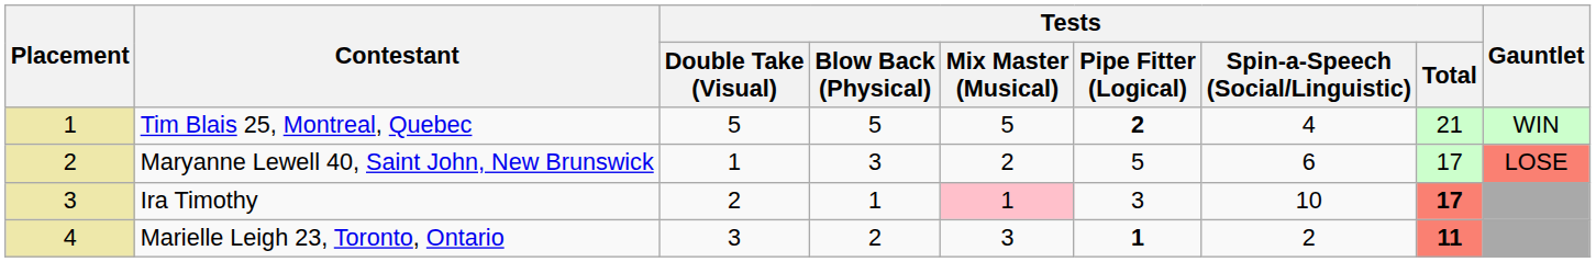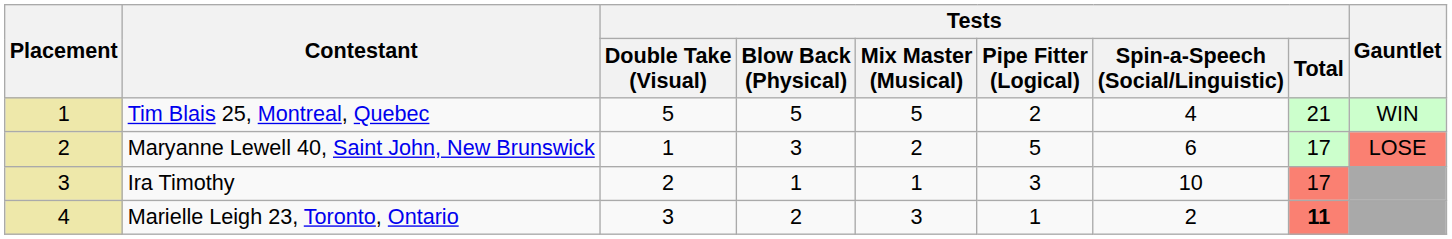 <table class="wikitable" style="text-align:center;">
 <tr>
 <th rowspan="2">Placement</th>
 <th rowspan="2">Contestant</th>
 <th colspan="6">Tests</th>
 <th rowspan="2">Gauntlet</th>
 </tr>
 <tr>
 <th>Double Take<br>(Visual)</th>
 <th>Blow Back<br>(Physical)</th>
 <th>Mix Master<br>(Musical)</th>
 <th>Pipe Fitter<br>(Logical)</th>
 <th>Spin-a-Speech<br>(Social/Linguistic)</th>
 <th>Total</th>
 </tr>
 <tr>
 <td bgcolor="palegoldenrod">1</td>
 <td align="left"><a href='#'>Tim Blais</a> 25, <a href='#'>Montreal</a>, <a href='#'>Quebec</a></td>
 <td>5</td>
 <td>5</td>
 <td>5</td>
-<td><strong>2</strong></td>
+<td>2</td>
 <td>4</td>
 <td bgcolor="#cfc">21</td>
 <td bgcolor="#cfc">WIN</td>
 </tr>
 <tr>
 <td bgcolor="palegoldenrod">2</td>
 <td align="left">Maryanne Lewell 40, <a href='#'>Saint John, New Brunswick</a></td>
 <td>1</td>
 <td>3</td>
 <td>2</td>
 <td>5</td>
 <td>6</td>
 <td bgcolor="#cfc">17</td>
 <td bgcolor="salmon">LOSE</td>
 </tr>
 <tr>
 <td bgcolor="palegoldenrod">3</td>
 <td align="left">Ira Timothy</td>
 <td>2</td>
 <td>1</td>
-<td style="background: pink;">1</td>
+<td>1</td>
 <td>3</td>
 <td>10</td>
-<td bgcolor="salmon"><strong>17</strong></td>
+<td bgcolor="salmon">17</td>
 <td bgcolor="darkgrey"></td>
 </tr>
 <tr>
 <td bgcolor="palegoldenrod">4</td>
 <td align="left">Marielle Leigh 23, <a href='#'>Toronto</a>, <a href='#'>Ontario</a></td>
 <td>3</td>
 <td>2</td>
 <td>3</td>
-<td><strong>1</strong></td>
+<td>1</td>
 <td>2</td>
 <td bgcolor="salmon"><strong>11</strong></td>
 <td bgcolor="darkgrey"></td>
 </tr>
 </table>
